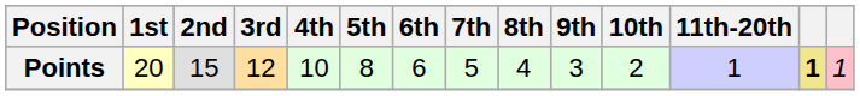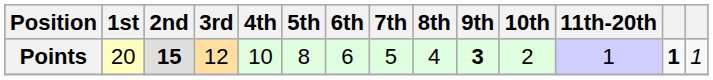 <table class="wikitable" style="font-size: 85%;">
 <tr>
 <th>Position</th>
 <th>1st</th>
 <th>2nd</th>
 <th>3rd</th>
 <th>4th</th>
 <th>5th</th>
 <th>6th</th>
 <th>7th</th>
 <th>8th</th>
 <th>9th</th>
 <th>10th</th>
 <th>11th-20th</th>
 <th></th>
 <th></th>
 </tr>
 <tr align="center">
 <th>Points</th>
 <td style="background:#FFFFBF;">20</td>
-<td style="background:#DFDFDF;">15</td>
+<td style="background:#DFDFDF;"><strong>15</strong></td>
 <td style="background:#FFDF9F;">12</td>
 <td style="background:#DFFFDF;">10</td>
 <td style="background:#DFFFDF;">8</td>
 <td style="background:#DFFFDF;">6</td>
 <td style="background:#DFFFDF;">5</td>
 <td style="background:#DFFFDF;">4</td>
-<td style="background:#DFFFDF;">3</td>
+<td style="background:#DFFFDF;"><strong>3</strong></td>
 <td style="background:#DFFFDF;">2</td>
 <td style="background:#cfcfff;">1</td>
-<td style="background: khaki;"><strong>1</strong></td>
-<td style="background: pink;"><em>1</em></td>
+<td><strong>1</strong></td>
+<td><em>1</em></td>
 </tr>
 <tr align="center">
 </tr>
 </table>
